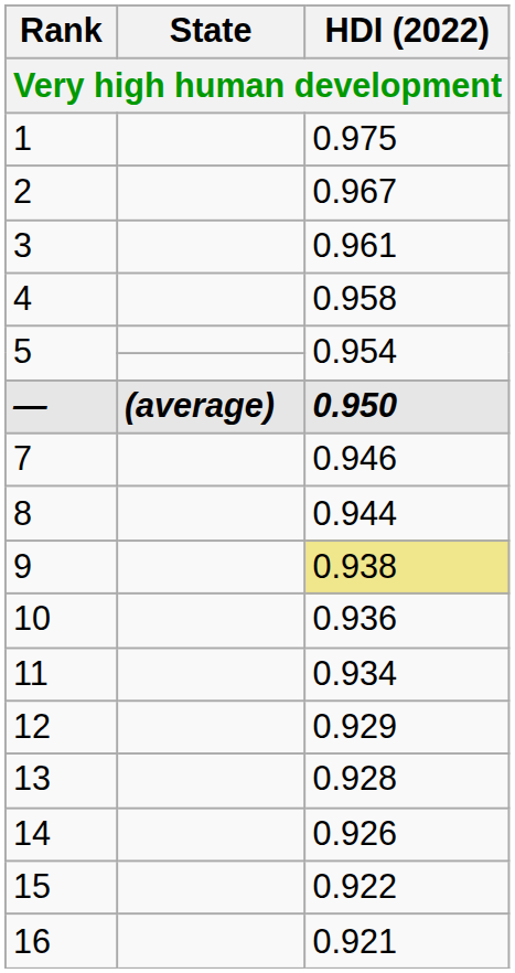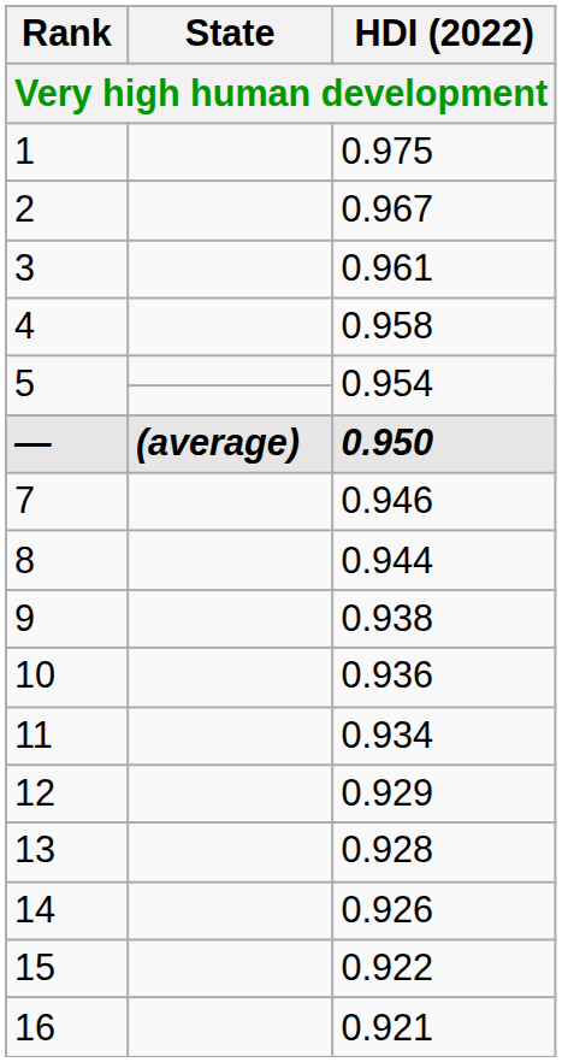 <table class="wikitable sortable">
 <tr>
 <th>Rank</th>
 <th>State</th>
 <th>HDI (2022)</th>
 </tr>
 <tr>
 <th colspan="3" style="color:#090;"><strong>Very high human development</strong></th>
 </tr>
 <tr>
 <td>1</td>
 <td></td>
 <td>0.975</td>
 </tr>
 <tr>
 <td>2</td>
 <td></td>
 <td>0.967</td>
 </tr>
 <tr>
 <td>3</td>
 <td></td>
 <td>0.961</td>
 </tr>
 <tr>
 <td>4</td>
 <td></td>
 <td>0.958</td>
 </tr>
 <tr>
 <td rowspan="2">5</td>
 <td></td>
 <td rowspan="2">0.954</td>
 </tr>
 <tr>
 <td></td>
 </tr>
 <tr style="background:#e6e6e6">
 <td><strong><em>—</em></strong></td>
 <td><strong><em> (average)</em></strong></td>
 <td><strong><em>0.950</em></strong></td>
 </tr>
 <tr>
 <td>7</td>
 <td></td>
 <td>0.946</td>
 </tr>
 <tr>
 <td>8</td>
 <td></td>
 <td>0.944</td>
 </tr>
 <tr>
 <td>9</td>
 <td></td>
-<td style="background: khaki;">0.938</td>
+<td>0.938</td>
 </tr>
 <tr>
 <td>10</td>
 <td></td>
 <td>0.936</td>
 </tr>
 <tr>
 <td>11</td>
 <td></td>
 <td>0.934</td>
 </tr>
 <tr>
 <td>12</td>
 <td></td>
 <td>0.929</td>
 </tr>
 <tr>
 <td>13</td>
 <td></td>
 <td>0.928</td>
 </tr>
 <tr>
 <td>14</td>
 <td></td>
 <td>0.926</td>
 </tr>
 <tr>
 <td>15</td>
 <td></td>
 <td>0.922</td>
 </tr>
 <tr>
 <td>16</td>
 <td></td>
 <td>0.921</td>
 </tr>
 </table>
